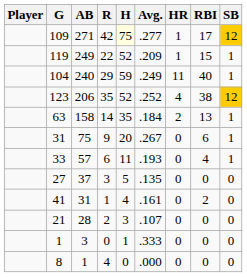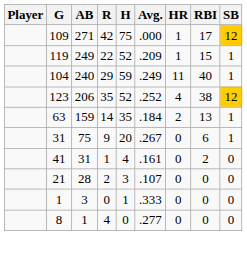 <table class="wikitable sortable">
 <tr>
 <th>Player</th>
 <th>G</th>
 <th>AB</th>
 <th>R</th>
 <th>H</th>
 <th>Avg.</th>
 <th>HR</th>
 <th>RBI</th>
 <th>SB</th>
 </tr>
 <tr align="center">
 <td></td>
 <td>109</td>
 <td>271</td>
 <td>42</td>
-<td style="background: lightyellow;">75</td>
-<td>.277</td>
+<td>75</td>
+<td>.000</td>
 <td>1</td>
 <td>17</td>
 <td bgcolor="#FFCC00">12</td>
 </tr>
 <tr align="center">
 <td></td>
 <td>119</td>
 <td>249</td>
 <td>22</td>
 <td>52</td>
 <td>.209</td>
 <td>1</td>
 <td>15</td>
 <td>1</td>
 </tr>
 <tr align="center">
 <td></td>
 <td>104</td>
 <td>240</td>
 <td>29</td>
 <td>59</td>
 <td>.249</td>
 <td>11</td>
 <td>40</td>
 <td>1</td>
 </tr>
 <tr align="center">
 <td></td>
 <td>123</td>
 <td>206</td>
 <td>35</td>
 <td>52</td>
 <td>.252</td>
 <td>4</td>
 <td>38</td>
 <td bgcolor="#FFCC00">12</td>
 </tr>
 <tr align="center">
 <td></td>
 <td>63</td>
-<td>158</td>
+<td>159</td>
 <td>14</td>
 <td>35</td>
 <td>.184</td>
 <td>2</td>
 <td>13</td>
 <td>1</td>
 </tr>
 <tr align="center">
 <td></td>
 <td>31</td>
 <td>75</td>
 <td>9</td>
 <td>20</td>
 <td>.267</td>
 <td>0</td>
 <td>6</td>
 <td>1</td>
-</tr>
-<tr align="center">
-<td></td>
-<td>33</td>
-<td>57</td>
-<td>6</td>
-<td>11</td>
-<td>.193</td>
-<td>0</td>
-<td>4</td>
-<td>1</td>
-</tr>
-<tr align="center">
-<td></td>
-<td>27</td>
-<td>37</td>
-<td>3</td>
-<td>5</td>
-<td>.135</td>
-<td>0</td>
-<td>0</td>
-<td>0</td>
 </tr>
 <tr align="center">
 <td></td>
 <td>41</td>
 <td>31</td>
 <td>1</td>
 <td>4</td>
 <td>.161</td>
 <td>0</td>
 <td>2</td>
 <td>0</td>
 </tr>
 <tr align="center">
 <td></td>
 <td>21</td>
 <td>28</td>
 <td>2</td>
 <td>3</td>
 <td>.107</td>
 <td>0</td>
 <td>0</td>
 <td>0</td>
 </tr>
 <tr align="center">
 <td></td>
 <td>1</td>
 <td>3</td>
 <td>0</td>
 <td>1</td>
 <td>.333</td>
 <td>0</td>
 <td>0</td>
 <td>0</td>
 </tr>
 <tr align="center">
 <td></td>
 <td>8</td>
 <td>1</td>
 <td>4</td>
 <td>0</td>
-<td>.000</td>
+<td>.277</td>
 <td>0</td>
 <td>0</td>
 <td>0</td>
 </tr>
 </table>
